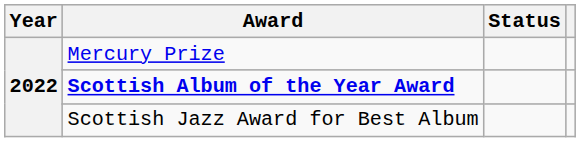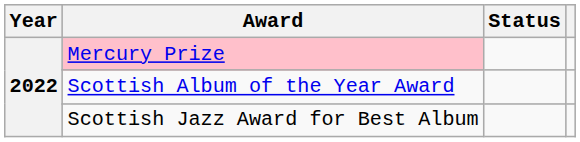 <table class="wikitable plainrowheaders">
 <tr>
 <th scope="col">Year</th>
 <th scope="col">Award</th>
 <th scope="col">Status</th>
 <th scope="col"></th>
 </tr>
 <tr>
 <th scope="row" rowspan="3">2022</th>
-<td><a href='#'>Mercury Prize</a></td>
+<td style="background: pink;"><a href='#'>Mercury Prize</a></td>
 <td></td>
 <td></td>
 </tr>
 <tr>
-<td><strong><a href='#'>Scottish Album of the Year Award</a></strong></td>
+<td><a href='#'>Scottish Album of the Year Award</a></td>
 <td></td>
 <td></td>
 </tr>
 <tr>
 <td>Scottish Jazz Award for Best Album</td>
 <td></td>
 <td></td>
 </tr>
 </table>
